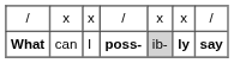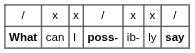 <table border=1 cellspacing=0 cellpadding=5>
 <tr>
 <td style="text-align: center;">/</td>
 <td style="text-align: center;">x</td>
 <td style="text-align: center;">x</td>
 <td style="text-align: center;">/</td>
 <td style="text-align: center;">x</td>
 <td style="text-align: center;">x</td>
 <td style="text-align: center;">/</td>
 </tr>
 <tr>
 <td><strong>What</strong></td>
 <td>can</td>
 <td>I</td>
 <td><strong>poss-</strong></td>
-<td style="background: lightgrey;">ib-</td>
-<td><strong>ly</strong></td>
+<td>ib-</td>
+<td>ly</td>
 <td><strong>say</strong></td>
 </tr>
 </table>
